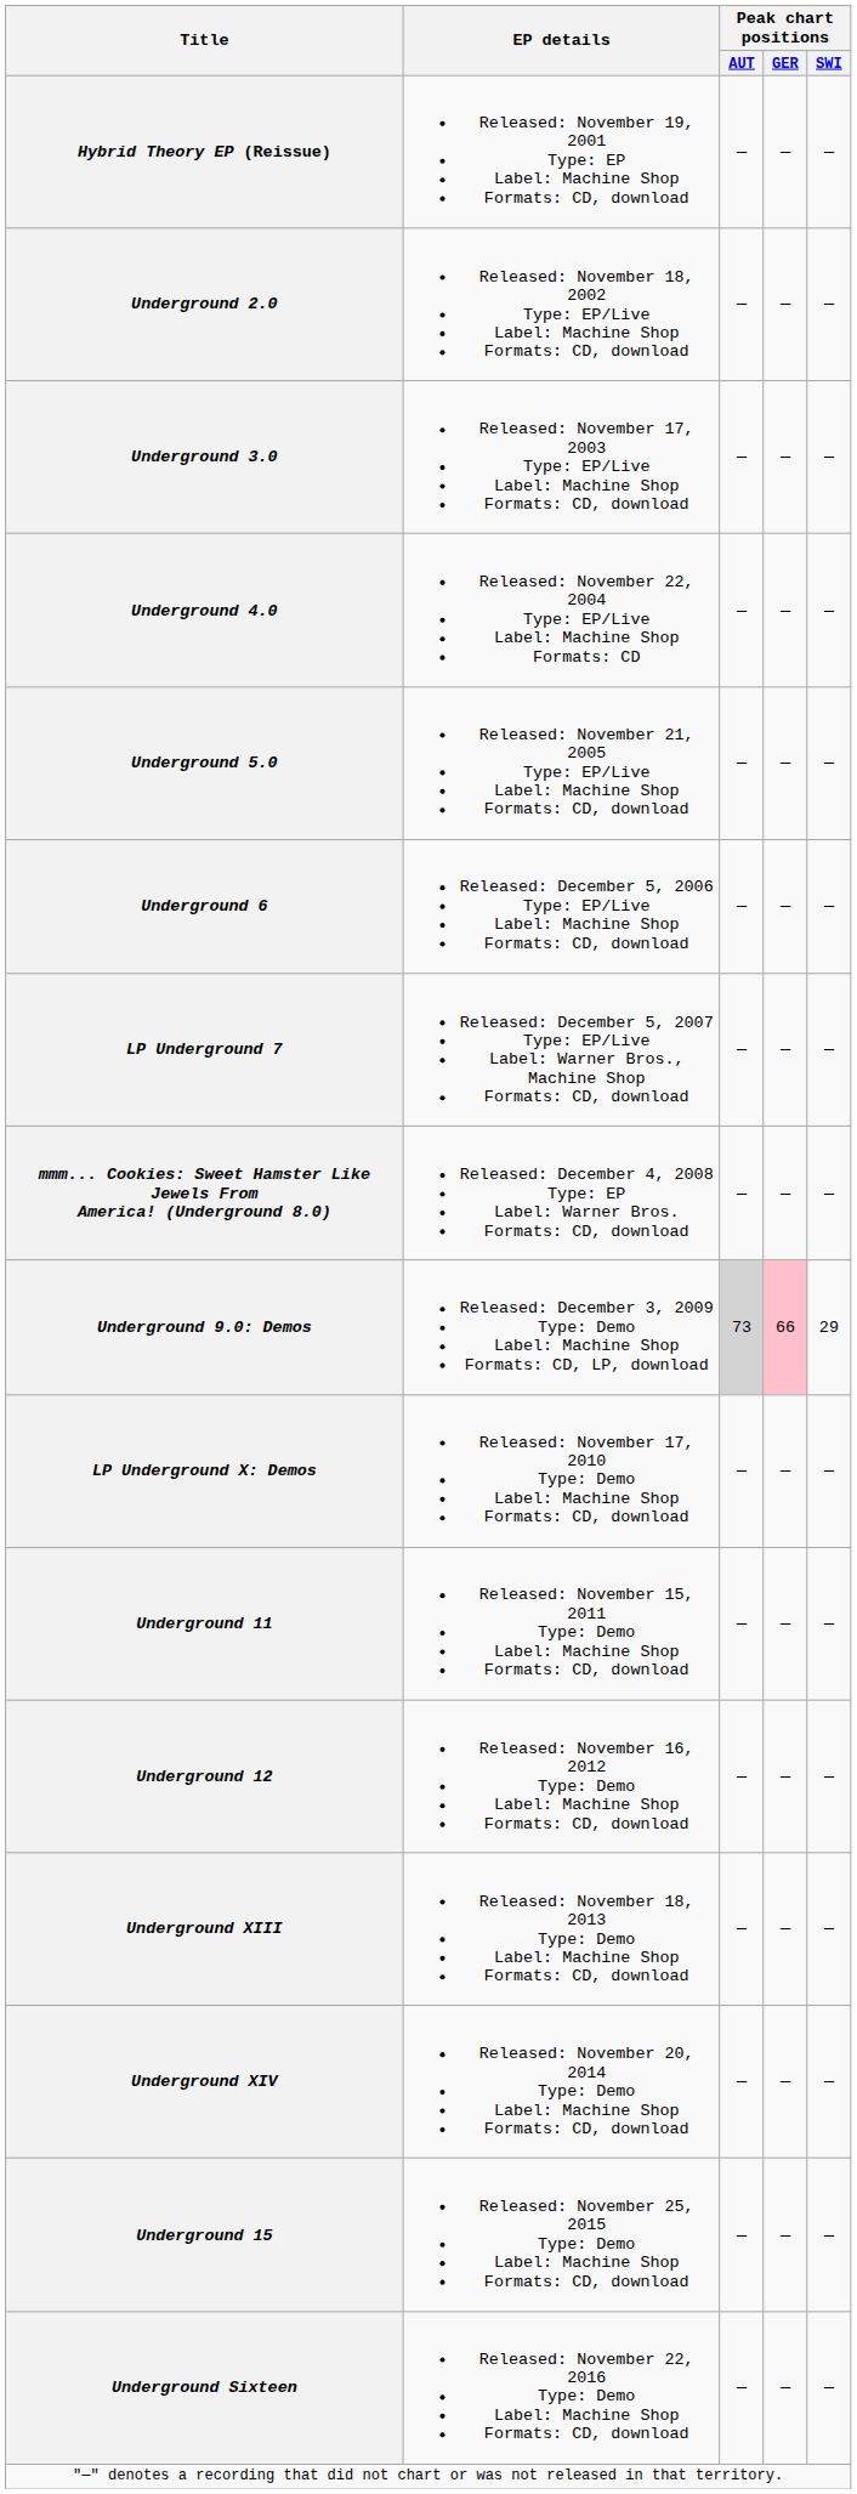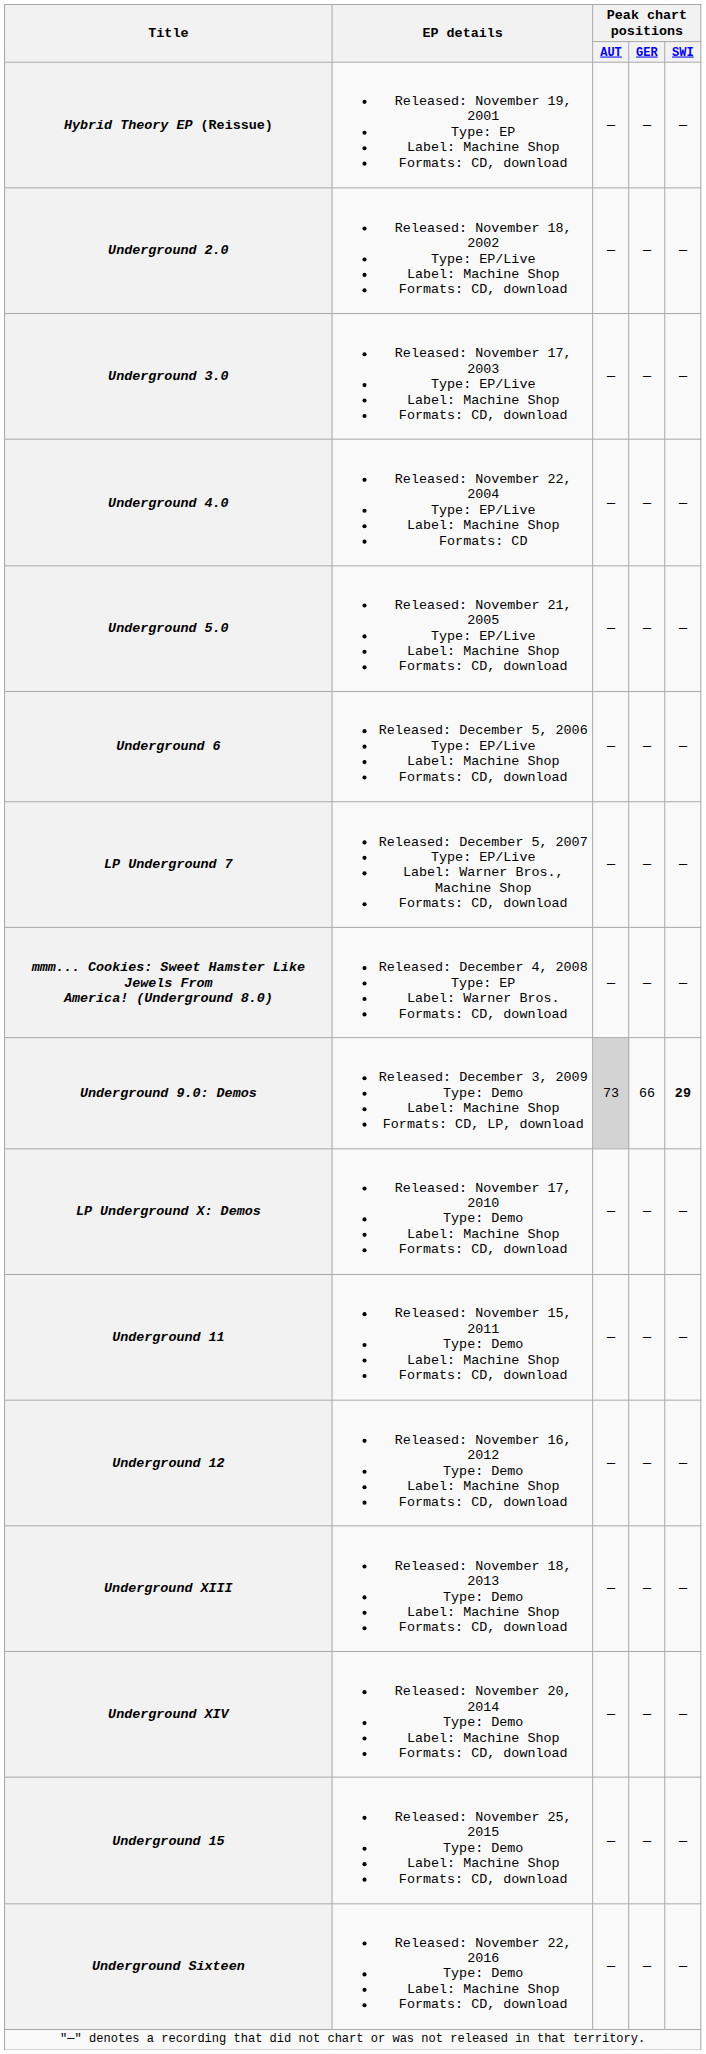 <table class="wikitable plainrowheaders" style="text-align:center;">
 <tr>
 <th scope="col" rowspan="2" style="width:24em;">Title</th>
 <th scope="col" rowspan="2" style="width:19em;">EP details</th>
 <th scope="col" colspan="3">Peak chart<br>positions</th>
 </tr>
 <tr>
 <th scope="col" style="width:2.5em;font-size:90%;"><a href='#'>AUT</a><br></th>
 <th scope="col" style="width:2.5em;font-size:90%;"><a href='#'>GER</a><br></th>
 <th scope="col" style="width:2.5em;font-size:90%;"><a href='#'>SWI</a><br></th>
 </tr>
 <tr>
 <th scope="row"><em>Hybrid Theory EP</em> (Reissue)</th>
 <td><br><ul><li>Released: November 19, 2001</li><li>Type: EP</li><li>Label: Machine Shop</li><li>Formats: CD, download</li></ul></td>
 <td>—</td>
 <td>—</td>
 <td>—</td>
 </tr>
 <tr>
 <th scope="row"><em>Underground 2.0</em></th>
 <td><br><ul><li>Released: November 18, 2002</li><li>Type: EP/Live</li><li>Label: Machine Shop</li><li>Formats: CD, download</li></ul></td>
 <td>—</td>
 <td>—</td>
 <td>—</td>
 </tr>
 <tr>
 <th scope="row"><em>Underground 3.0</em></th>
 <td><br><ul><li>Released: November 17, 2003</li><li>Type: EP/Live</li><li>Label: Machine Shop</li><li>Formats: CD, download</li></ul></td>
 <td>—</td>
 <td>—</td>
 <td>—</td>
 </tr>
 <tr>
 <th scope="row"><em>Underground 4.0</em></th>
 <td><br><ul><li>Released: November 22, 2004</li><li>Type: EP/Live</li><li>Label: Machine Shop</li><li>Formats: CD</li></ul></td>
 <td>—</td>
 <td>—</td>
 <td>—</td>
 </tr>
 <tr>
 <th scope="row"><em>Underground 5.0</em></th>
 <td><br><ul><li>Released: November 21, 2005</li><li>Type: EP/Live</li><li>Label: Machine Shop</li><li>Formats: CD, download</li></ul></td>
 <td>—</td>
 <td>—</td>
 <td>—</td>
 </tr>
 <tr>
 <th scope="row"><em>Underground 6</em></th>
 <td><br><ul><li>Released: December 5, 2006</li><li>Type: EP/Live</li><li>Label: Machine Shop</li><li>Formats: CD, download</li></ul></td>
 <td>—</td>
 <td>—</td>
 <td>—</td>
 </tr>
 <tr>
 <th scope="row"><em>LP Underground 7</em></th>
 <td><br><ul><li>Released: December 5, 2007</li><li>Type: EP/Live</li><li>Label: Warner Bros., Machine Shop</li><li>Formats: CD, download</li></ul></td>
 <td>—</td>
 <td>—</td>
 <td>—</td>
 </tr>
 <tr>
 <th scope="row"><em>mmm... Cookies: Sweet Hamster Like Jewels From<br>America! (Underground 8.0)</em></th>
 <td><br><ul><li>Released: December 4, 2008</li><li>Type: EP</li><li>Label: Warner Bros.</li><li>Formats: CD, download</li></ul></td>
 <td>—</td>
 <td>—</td>
 <td>—</td>
 </tr>
 <tr>
 <th scope="row"><em>Underground 9.0: Demos</em></th>
 <td><br><ul><li>Released: December 3, 2009</li><li>Type: Demo</li><li>Label: Machine Shop</li><li>Formats: CD, LP, download</li></ul></td>
 <td style="background: lightgrey;">73</td>
-<td style="background: pink;">66</td>
-<td>29</td>
+<td>66</td>
+<td><strong>29</strong></td>
 </tr>
 <tr>
 <th scope="row"><em>LP Underground X: Demos</em></th>
 <td><br><ul><li>Released: November 17, 2010</li><li>Type: Demo</li><li>Label: Machine Shop</li><li>Formats: CD, download</li></ul></td>
 <td>—</td>
 <td>—</td>
 <td>—</td>
 </tr>
 <tr>
 <th scope="row"><em>Underground 11</em></th>
 <td><br><ul><li>Released: November 15, 2011</li><li>Type: Demo</li><li>Label: Machine Shop</li><li>Formats: CD, download</li></ul></td>
 <td>—</td>
 <td>—</td>
 <td>—</td>
 </tr>
 <tr>
 <th scope="row"><em>Underground 12</em></th>
 <td><br><ul><li>Released: November 16, 2012</li><li>Type: Demo</li><li>Label: Machine Shop</li><li>Formats: CD, download</li></ul></td>
 <td>—</td>
 <td>—</td>
 <td>—</td>
 </tr>
 <tr>
 <th scope="row"><em>Underground XIII</em></th>
 <td><br><ul><li>Released: November 18, 2013</li><li>Type: Demo</li><li>Label: Machine Shop</li><li>Formats: CD, download</li></ul></td>
 <td>—</td>
 <td>—</td>
 <td>—</td>
 </tr>
 <tr>
 <th scope="row"><em>Underground XIV</em></th>
 <td><br><ul><li>Released: November 20, 2014</li><li>Type: Demo</li><li>Label: Machine Shop</li><li>Formats: CD, download</li></ul></td>
 <td>—</td>
 <td>—</td>
 <td>—</td>
 </tr>
 <tr>
 <th scope="row"><em>Underground 15</em></th>
 <td><br><ul><li>Released: November 25, 2015</li><li>Type: Demo</li><li>Label: Machine Shop</li><li>Formats: CD, download</li></ul></td>
 <td>—</td>
 <td>—</td>
 <td>—</td>
 </tr>
 <tr>
 <th scope="row"><em>Underground Sixteen</em></th>
 <td><br><ul><li>Released: November 22, 2016</li><li>Type: Demo</li><li>Label: Machine Shop</li><li>Formats: CD, download</li></ul></td>
 <td>—</td>
 <td>—</td>
 <td>—</td>
 </tr>
 <tr>
 <td colspan="5" style="font-size:90%">"—" denotes a recording that did not chart or was not released in that territory.</td>
 </tr>
 </table>
